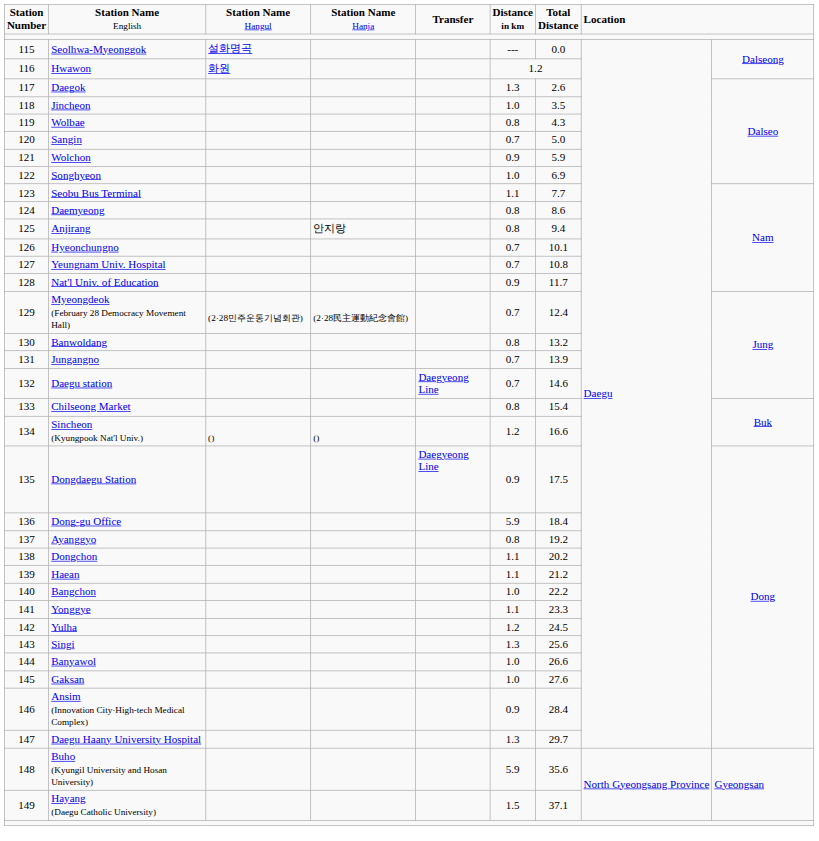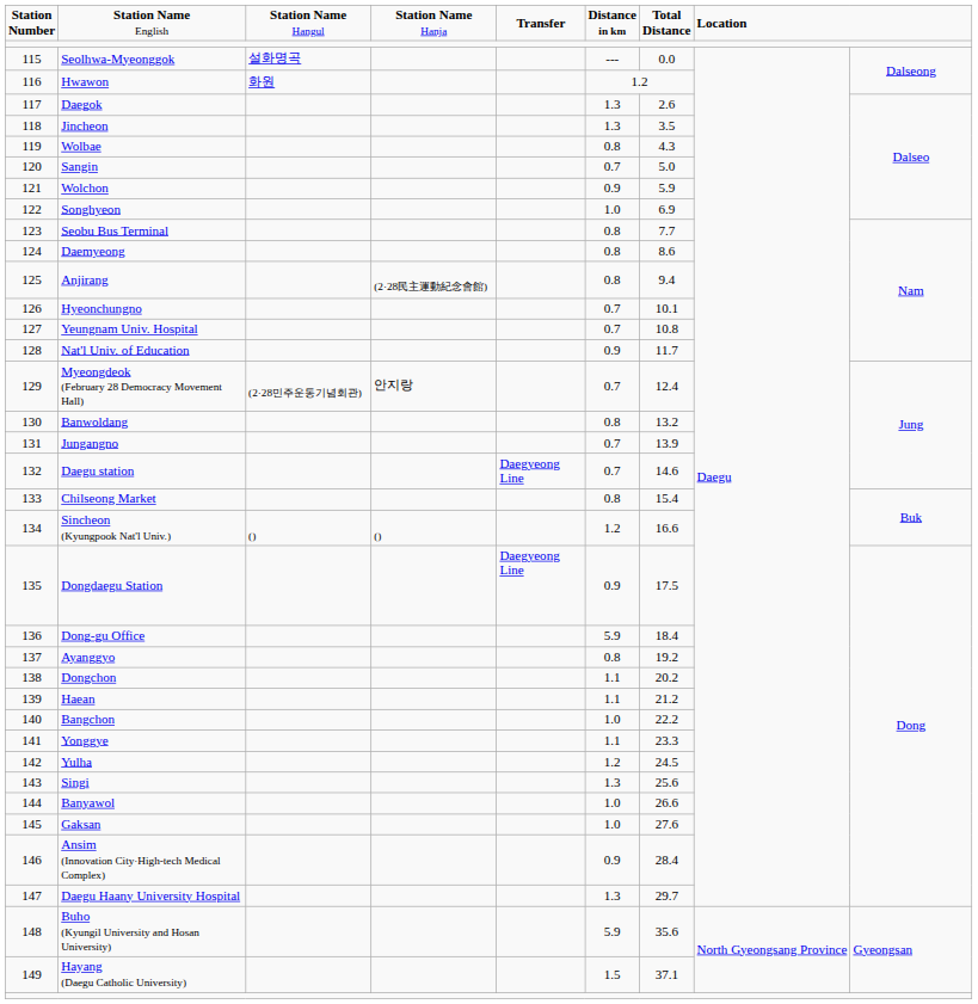 <table class="wikitable">
 <tr>
 <td style="text-align:center;"><strong>Station<br>Number</strong></td>
 <td width="220pt" style="text-align:center;"><strong>Station Name</strong><br><small>English</small></td>
 <td width="145pt" style="text-align:center;"><strong>Station Name</strong><br><small><a href='#'>Hangul</a></small></td>
 <td width="145pt" style="text-align:center;"><strong>Station Name</strong><br><small><a href='#'>Hanja</a></small></td>
 <td width="100pt" style="text-align:center;"><strong>Transfer</strong></td>
 <td style="text-align:center;"><strong>Distance<br><small>in km</small></strong></td>
 <td style="text-align:center;"><strong>Total<br>Distance</strong></td>
 <td colspan="2"><strong>Location</strong></td>
 </tr>
 <tr style="background:#">
 <td colspan="10"></td>
 </tr>
 <tr>
 <td style="text-align:center;">115</td>
 <td><a href='#'>Seolhwa-Myeonggok</a></td>
 <td><a href='#'>설화명곡</a></td>
 <td></td>
 <td></td>
 <td style="text-align:center;">---</td>
 <td style="text-align:center;">0.0</td>
 <td rowspan="33"><a href='#'>Daegu</a></td>
 <td rowspan="2"><blockquote><a href='#'>Dalseong</a></blockquote></td>
 </tr>
 <tr>
 <td style="text-align:center;">116</td>
 <td><a href='#'>Hwawon</a></td>
 <td><a href='#'>화원</a></td>
 <td></td>
 <td></td>
 <td colspan="2" style="text-align:center;">1.2</td>
 </tr>
 <tr>
 <td style="text-align:center;">117</td>
 <td><a href='#'>Daegok</a></td>
 <td></td>
 <td></td>
 <td></td>
 <td style="text-align:center;">1.3</td>
 <td style="text-align:center;">2.6</td>
 <td rowspan="6" width="100pt" style="text-align:center;"><a href='#'>Dalseo</a></td>
 </tr>
 <tr>
 <td style="text-align:center;">118</td>
 <td><a href='#'>Jincheon</a></td>
 <td></td>
 <td></td>
 <td></td>
-<td style="text-align:center;">1.0</td>
+<td style="text-align:center;">1.3</td>
 <td style="text-align:center;">3.5</td>
 </tr>
 <tr>
 <td style="text-align:center;">119</td>
 <td><a href='#'>Wolbae</a></td>
 <td></td>
 <td></td>
 <td></td>
 <td style="text-align:center;">0.8</td>
 <td style="text-align:center;">4.3</td>
 </tr>
 <tr>
 <td style="text-align:center;">120</td>
 <td><a href='#'>Sangin</a></td>
 <td></td>
 <td></td>
 <td></td>
 <td style="text-align:center;">0.7</td>
 <td style="text-align:center;">5.0</td>
 </tr>
 <tr>
 <td style="text-align:center;">121</td>
 <td><a href='#'>Wolchon</a></td>
 <td></td>
 <td></td>
 <td></td>
 <td style="text-align:center;">0.9</td>
 <td style="text-align:center;">5.9</td>
 </tr>
 <tr>
 <td style="text-align:center;">122</td>
 <td><a href='#'>Songhyeon</a></td>
 <td></td>
 <td></td>
 <td></td>
 <td style="text-align:center;">1.0</td>
 <td style="text-align:center;">6.9</td>
 </tr>
 <tr>
 <td style="text-align:center;">123</td>
 <td><a href='#'>Seobu Bus Terminal</a></td>
 <td></td>
 <td></td>
 <td></td>
-<td style="text-align:center;">1.1</td>
+<td style="text-align:center;">0.8</td>
 <td style="text-align:center;">7.7</td>
 <td rowspan="6" width="100pt" style="text-align:center;"><a href='#'>Nam</a></td>
 </tr>
 <tr>
 <td style="text-align:center;">124</td>
 <td><a href='#'>Daemyeong</a></td>
 <td></td>
 <td></td>
 <td></td>
 <td style="text-align:center;">0.8</td>
 <td style="text-align:center;">8.6</td>
 </tr>
 <tr>
 <td style="text-align:center;">125</td>
 <td><a href='#'>Anjirang</a></td>
 <td></td>
-<td>안지랑</td>
+<td><br><small>(2·28民主運動紀念會館)</small></td>
 <td></td>
 <td style="text-align:center;">0.8</td>
 <td style="text-align:center;">9.4</td>
 </tr>
 <tr>
 <td style="text-align:center;">126</td>
 <td><a href='#'>Hyeonchungno</a></td>
 <td></td>
 <td></td>
 <td></td>
 <td style="text-align:center;">0.7</td>
 <td style="text-align:center;">10.1</td>
 </tr>
 <tr>
 <td style="text-align:center;">127</td>
 <td><a href='#'>Yeungnam Univ. Hospital</a></td>
 <td></td>
 <td></td>
 <td></td>
 <td style="text-align:center;">0.7</td>
 <td style="text-align:center;">10.8</td>
 </tr>
 <tr>
 <td style="text-align:center;">128</td>
 <td><a href='#'>Nat'l Univ. of Education</a></td>
 <td></td>
 <td></td>
 <td></td>
 <td style="text-align:center;">0.9</td>
 <td style="text-align:center;">11.7</td>
 </tr>
 <tr>
 <td style="text-align:center;">129</td>
 <td><a href='#'>Myeongdeok</a><br><small>(February 28 Democracy Movement Hall)</small></td>
 <td><br><small>(2·28민주운동기념회관)</small></td>
-<td><br><small>(2·28民主運動紀念會館)</small></td>
+<td>안지랑</td>
 <td></td>
 <td style="text-align:center;">0.7</td>
 <td style="text-align:center;">12.4</td>
 <td rowspan="4" width="100pt" style="text-align:center;"><a href='#'>Jung</a></td>
 </tr>
 <tr>
 <td style="text-align:center;">130</td>
 <td><a href='#'>Banwoldang</a></td>
 <td></td>
 <td></td>
 <td></td>
 <td style="text-align:center;">0.8</td>
 <td style="text-align:center;">13.2</td>
 </tr>
 <tr>
 <td style="text-align:center;">131</td>
 <td><a href='#'>Jungangno</a></td>
 <td></td>
 <td></td>
 <td></td>
 <td style="text-align:center;">0.7</td>
 <td style="text-align:center;">13.9</td>
 </tr>
 <tr>
 <td style="text-align:center;">132</td>
 <td><a href='#'>Daegu station</a></td>
 <td></td>
 <td></td>
 <td><a href='#'>Daegyeong Line</a><br> </td>
 <td style="text-align:center;">0.7</td>
 <td style="text-align:center;">14.6</td>
 </tr>
 <tr>
 <td style="text-align:center;">133</td>
 <td><a href='#'>Chilseong Market</a></td>
 <td></td>
 <td></td>
 <td></td>
 <td style="text-align:center;">0.8</td>
 <td style="text-align:center;">15.4</td>
 <td rowspan="2" width="100pt" style="text-align:center;"><a href='#'>Buk</a></td>
 </tr>
 <tr>
 <td style="text-align:center;">134</td>
 <td><a href='#'>Sincheon</a><br><small>(Kyungpook Nat'l Univ.)</small></td>
 <td><br><small>()</small></td>
 <td><br><small>()</small></td>
 <td></td>
 <td style="text-align:center;">1.2</td>
 <td style="text-align:center;">16.6</td>
 </tr>
 <tr>
 <td style="text-align:center;">135</td>
 <td><a href='#'>Dongdaegu Station</a></td>
 <td></td>
 <td></td>
 <td><a href='#'>Daegyeong Line</a> <br><br><br><br></td>
 <td style="text-align:center;">0.9</td>
 <td style="text-align:center;">17.5</td>
 <td rowspan="13" width="100pt" style="text-align:center;"><a href='#'>Dong</a></td>
 </tr>
 <tr>
 <td style="text-align:center;">136</td>
 <td><a href='#'>Dong-gu Office</a></td>
 <td></td>
 <td><br></td>
 <td></td>
 <td style="text-align:center;">5.9</td>
 <td style="text-align:center;">18.4</td>
 </tr>
 <tr>
 <td style="text-align:center;">137</td>
 <td><a href='#'>Ayanggyo</a></td>
 <td></td>
 <td></td>
 <td></td>
 <td style="text-align:center;">0.8</td>
 <td style="text-align:center;">19.2</td>
 </tr>
 <tr>
 <td style="text-align:center;">138</td>
 <td><a href='#'>Dongchon</a></td>
 <td></td>
 <td></td>
 <td></td>
 <td style="text-align:center;">1.1</td>
 <td style="text-align:center;">20.2</td>
 </tr>
 <tr>
 <td style="text-align:center;">139</td>
 <td><a href='#'>Haean</a></td>
 <td></td>
 <td></td>
 <td></td>
 <td style="text-align:center;">1.1</td>
 <td style="text-align:center;">21.2</td>
 </tr>
 <tr>
 <td style="text-align:center;">140</td>
 <td><a href='#'>Bangchon</a></td>
 <td></td>
 <td></td>
 <td></td>
 <td style="text-align:center;">1.0</td>
 <td style="text-align:center;">22.2</td>
 </tr>
 <tr>
 <td style="text-align:center;">141</td>
 <td><a href='#'>Yonggye</a></td>
 <td></td>
 <td></td>
 <td></td>
 <td style="text-align:center;">1.1</td>
 <td style="text-align:center;">23.3</td>
 </tr>
 <tr>
 <td style="text-align:center;">142</td>
 <td><a href='#'>Yulha</a></td>
 <td></td>
 <td></td>
 <td></td>
 <td style="text-align:center;">1.2</td>
 <td style="text-align:center;">24.5</td>
 </tr>
 <tr>
 <td style="text-align:center;">143</td>
 <td><a href='#'>Singi</a></td>
 <td></td>
 <td></td>
 <td></td>
 <td style="text-align:center;">1.3</td>
 <td style="text-align:center;">25.6</td>
 </tr>
 <tr>
 <td style="text-align:center;">144</td>
 <td><a href='#'>Banyawol</a></td>
 <td></td>
 <td></td>
 <td></td>
 <td style="text-align:center;">1.0</td>
 <td style="text-align:center;">26.6</td>
 </tr>
 <tr>
 <td style="text-align:center;">145</td>
 <td><a href='#'>Gaksan</a></td>
 <td></td>
 <td></td>
 <td></td>
 <td style="text-align:center;">1.0</td>
 <td style="text-align:center;">27.6</td>
 </tr>
 <tr>
 <td style="text-align:center;">146</td>
 <td><a href='#'>Ansim</a><br><small>(Innovation City·High-tech Medical Complex)</small></td>
 <td></td>
 <td></td>
 <td></td>
 <td style="text-align:center;">0.9</td>
 <td style="text-align:center;">28.4</td>
 </tr>
 <tr>
 <td style="text-align:center;">147</td>
 <td><a href='#'>Daegu Haany University Hospital</a></td>
 <td></td>
 <td></td>
 <td></td>
 <td style="text-align:center;">1.3</td>
 <td style="text-align:center;">29.7</td>
 </tr>
 <tr>
 <td style="text-align:center;">148</td>
 <td><a href='#'>Buho</a><br><small>(Kyungil University and Hosan University)</small></td>
 <td></td>
 <td></td>
 <td></td>
 <td style="text-align:center;">5.9</td>
 <td style="text-align:center;">35.6</td>
 <td rowspan="2"><a href='#'>North Gyeongsang Province</a></td>
 <td rowspan="2"><a href='#'>Gyeongsan</a></td>
 </tr>
 <tr>
 <td style="text-align:center;">149</td>
 <td><a href='#'>Hayang</a><br><small>(Daegu Catholic University)</small></td>
 <td></td>
 <td></td>
 <td> </td>
 <td style="text-align:center;">1.5</td>
 <td style="text-align:center;">37.1</td>
 </tr>
 <tr style="background:#">
 <td colspan="10"></td>
 </tr>
 </table>
